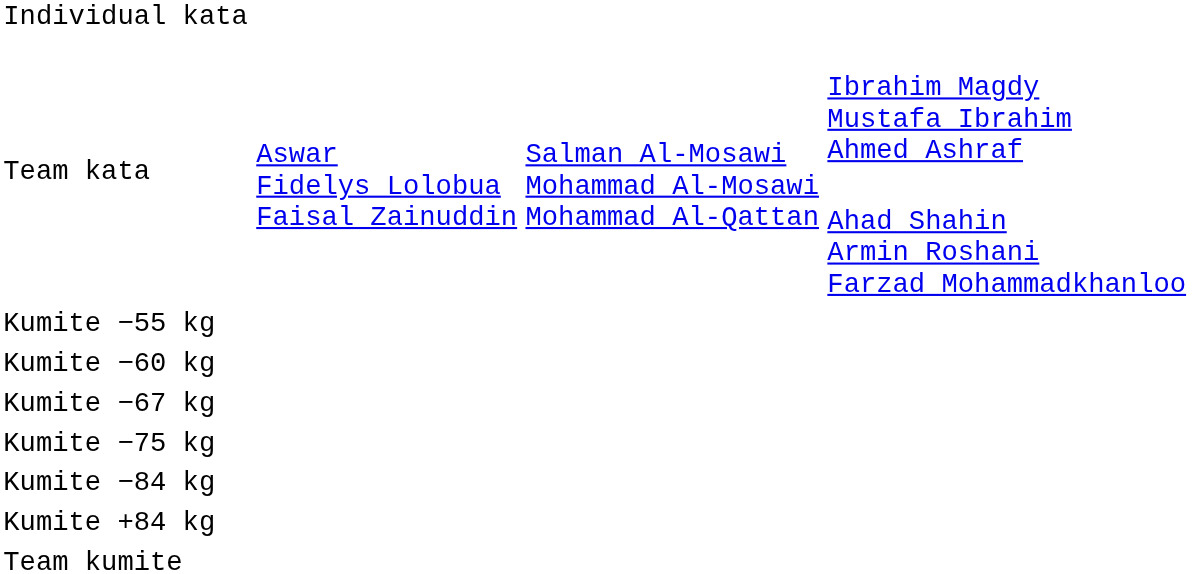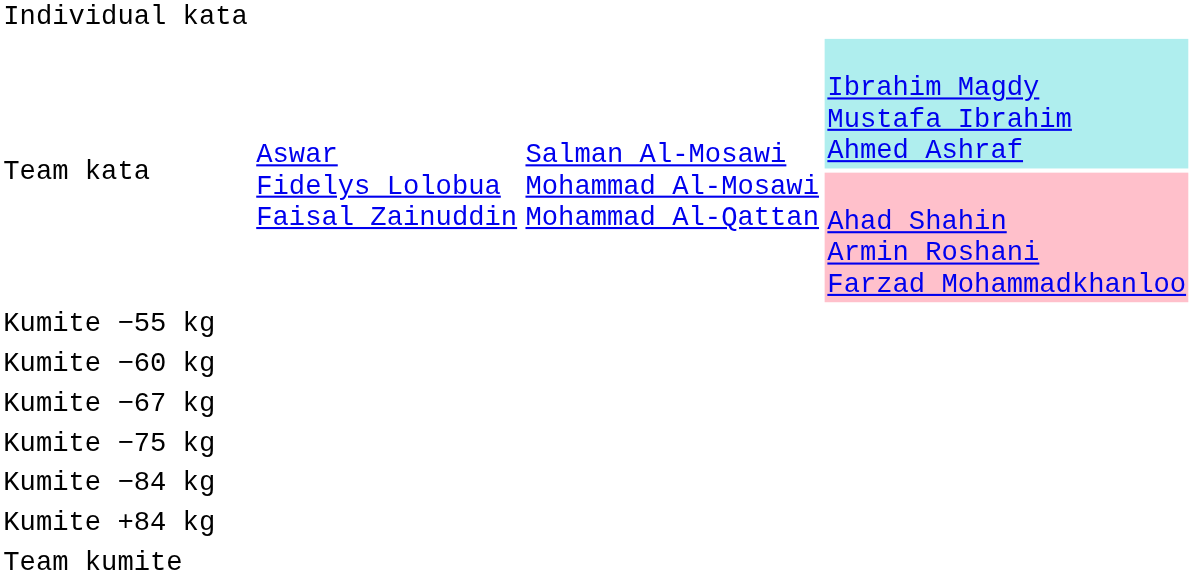 <table>
 <tr>
 <td rowspan=2>Individual kata</td>
 <td rowspan=2></td>
 <td rowspan=2></td>
 <td></td>
 </tr>
 <tr>
 <td></td>
 </tr>
 <tr>
 <td rowspan=2>Team kata</td>
 <td rowspan=2><br><a href='#'>Aswar</a><br><a href='#'>Fidelys Lolobua</a><br><a href='#'>Faisal Zainuddin</a></td>
 <td rowspan=2><br><a href='#'>Salman Al-Mosawi</a><br><a href='#'>Mohammad Al-Mosawi</a><br><a href='#'>Mohammad Al-Qattan</a></td>
-<td><br><a href='#'>Ibrahim Magdy</a><br><a href='#'>Mustafa Ibrahim</a><br><a href='#'>Ahmed Ashraf</a></td>
+<td style="background: paleturquoise;"><br><a href='#'>Ibrahim Magdy</a><br><a href='#'>Mustafa Ibrahim</a><br><a href='#'>Ahmed Ashraf</a></td>
 </tr>
 <tr>
-<td><br><a href='#'>Ahad Shahin</a><br><a href='#'>Armin Roshani</a><br><a href='#'>Farzad Mohammadkhanloo</a></td>
+<td style="background: pink;"><br><a href='#'>Ahad Shahin</a><br><a href='#'>Armin Roshani</a><br><a href='#'>Farzad Mohammadkhanloo</a></td>
 </tr>
 <tr>
 <td rowspan=2>Kumite −55 kg</td>
 <td rowspan=2></td>
 <td rowspan=2></td>
 <td></td>
 </tr>
 <tr>
 <td></td>
 </tr>
 <tr>
 <td rowspan=2>Kumite −60 kg</td>
 <td rowspan=2></td>
 <td rowspan=2></td>
 <td></td>
 </tr>
 <tr>
 <td></td>
 </tr>
 <tr>
 <td rowspan=2>Kumite −67 kg</td>
 <td rowspan=2></td>
 <td rowspan=2></td>
 <td></td>
 </tr>
 <tr>
 <td></td>
 </tr>
 <tr>
 <td rowspan=2>Kumite −75 kg</td>
 <td rowspan=2></td>
 <td rowspan=2></td>
 <td></td>
 </tr>
 <tr>
 <td></td>
 </tr>
 <tr>
 <td rowspan=2>Kumite −84 kg</td>
 <td rowspan=2></td>
 <td rowspan=2></td>
 <td></td>
 </tr>
 <tr>
 <td></td>
 </tr>
 <tr>
 <td rowspan=2>Kumite +84 kg</td>
 <td rowspan=2></td>
 <td rowspan=2></td>
 <td></td>
 </tr>
 <tr>
 <td></td>
 </tr>
 <tr>
 <td rowspan=2>Team kumite</td>
 <td rowspan=2></td>
 <td rowspan=2></td>
 <td></td>
 </tr>
 <tr>
 <td></td>
 </tr>
 </table>
